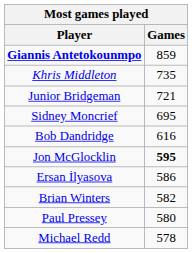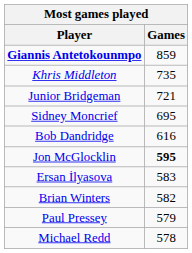 <table class="wikitable sortable" style="text-align:center">
 <tr>
 <th colspan="5">Most games played</th>
 </tr>
 <tr>
 <th>Player</th>
 <th>Games</th>
 </tr>
 <tr>
 <td><strong><a href='#'>Giannis Antetokounmpo</a></strong></td>
 <td>859</td>
 </tr>
 <tr>
 <td><em><a href='#'>Khris Middleton</a></em></td>
 <td>735</td>
 </tr>
 <tr>
 <td><a href='#'>Junior Bridgeman</a></td>
 <td>721</td>
 </tr>
 <tr>
 <td><a href='#'>Sidney Moncrief</a></td>
 <td>695</td>
 </tr>
 <tr>
 <td><a href='#'>Bob Dandridge</a></td>
 <td>616</td>
 </tr>
 <tr>
 <td><a href='#'>Jon McGlocklin</a></td>
 <td><strong>595</strong></td>
 </tr>
 <tr>
 <td><a href='#'>Ersan İlyasova</a></td>
-<td>586</td>
+<td>583</td>
 </tr>
 <tr>
 <td><a href='#'>Brian Winters</a></td>
 <td>582</td>
 </tr>
 <tr>
 <td><a href='#'>Paul Pressey</a></td>
-<td>580</td>
+<td>579</td>
 </tr>
 <tr>
 <td><a href='#'>Michael Redd</a></td>
 <td>578</td>
 </tr>
 </table>
